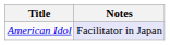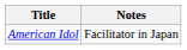 <table class="wikitable">
 <tr>
 <th>Title</th>
 <th>Notes</th>
 </tr>
 <tr>
 <td><em><a href='#'>American Idol</a></em></td>
-<td style="background: lavender;">Facilitator in Japan</td>
+<td>Facilitator in Japan</td>
 </tr>
 </table>
